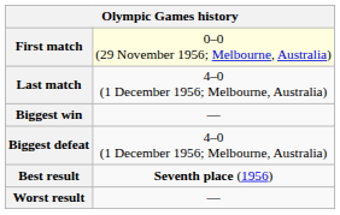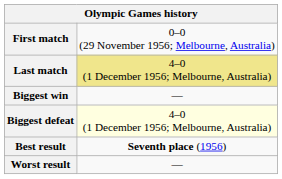 <table class="wikitable collapsible collapsed" style="text-align: center;font-size:90%;">
 <tr>
 <th colspan=6>Olympic Games history</th>
 </tr>
 <tr>
 <th style="text-align: center;">First match</th>
-<td style="background: lightyellow; text-align:center;"> 0–0 <br>(29 November 1956; <a href='#'>Melbourne</a>, <a href='#'>Australia</a>)</td>
+<td style="text-align:center;"> 0–0 <br>(29 November 1956; <a href='#'>Melbourne</a>, <a href='#'>Australia</a>)</td>
 </tr>
 <tr>
 <th style="text-align: center;">Last match</th>
-<td style="text-align:center;"> 4–0 <br>(1 December 1956; Melbourne, Australia)</td>
+<td style="background: khaki; text-align:center;"> 4–0 <br>(1 December 1956; Melbourne, Australia)</td>
 </tr>
 <tr>
 <th style="text-align: center;">Biggest win</th>
 <td style="text-align:center;">—</td>
 </tr>
 <tr>
 <th style="text-align: center;">Biggest defeat</th>
-<td style="text-align:center;"> 4–0 <br>(1 December 1956; Melbourne, Australia)</td>
+<td style="background: lightyellow; text-align:center;"> 4–0 <br>(1 December 1956; Melbourne, Australia)</td>
 </tr>
 <tr>
 <th style="text-align: center;">Best result</th>
 <td style="text-align:center;"><strong>Seventh place</strong> (<a href='#'>1956</a>)</td>
 </tr>
 <tr>
 <th style="text-align: center;">Worst result</th>
 <td style="text-align:center;">—</td>
 </tr>
 </table>
